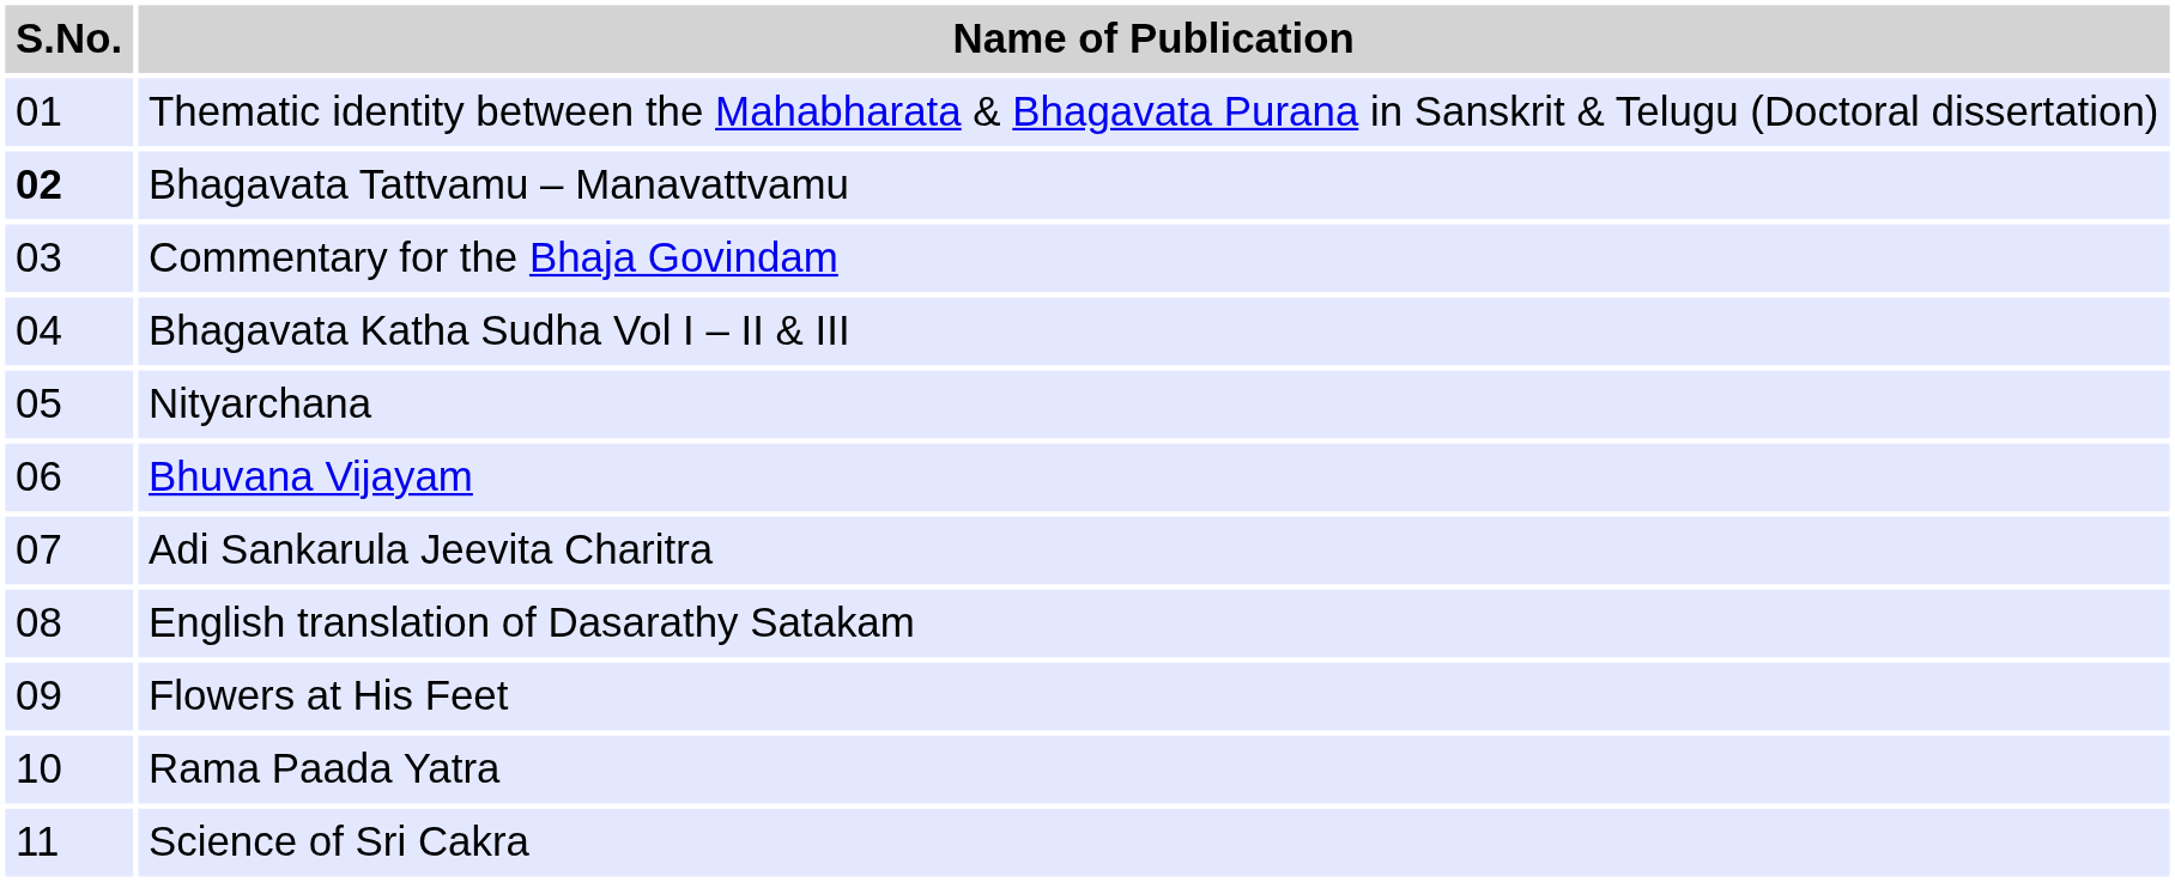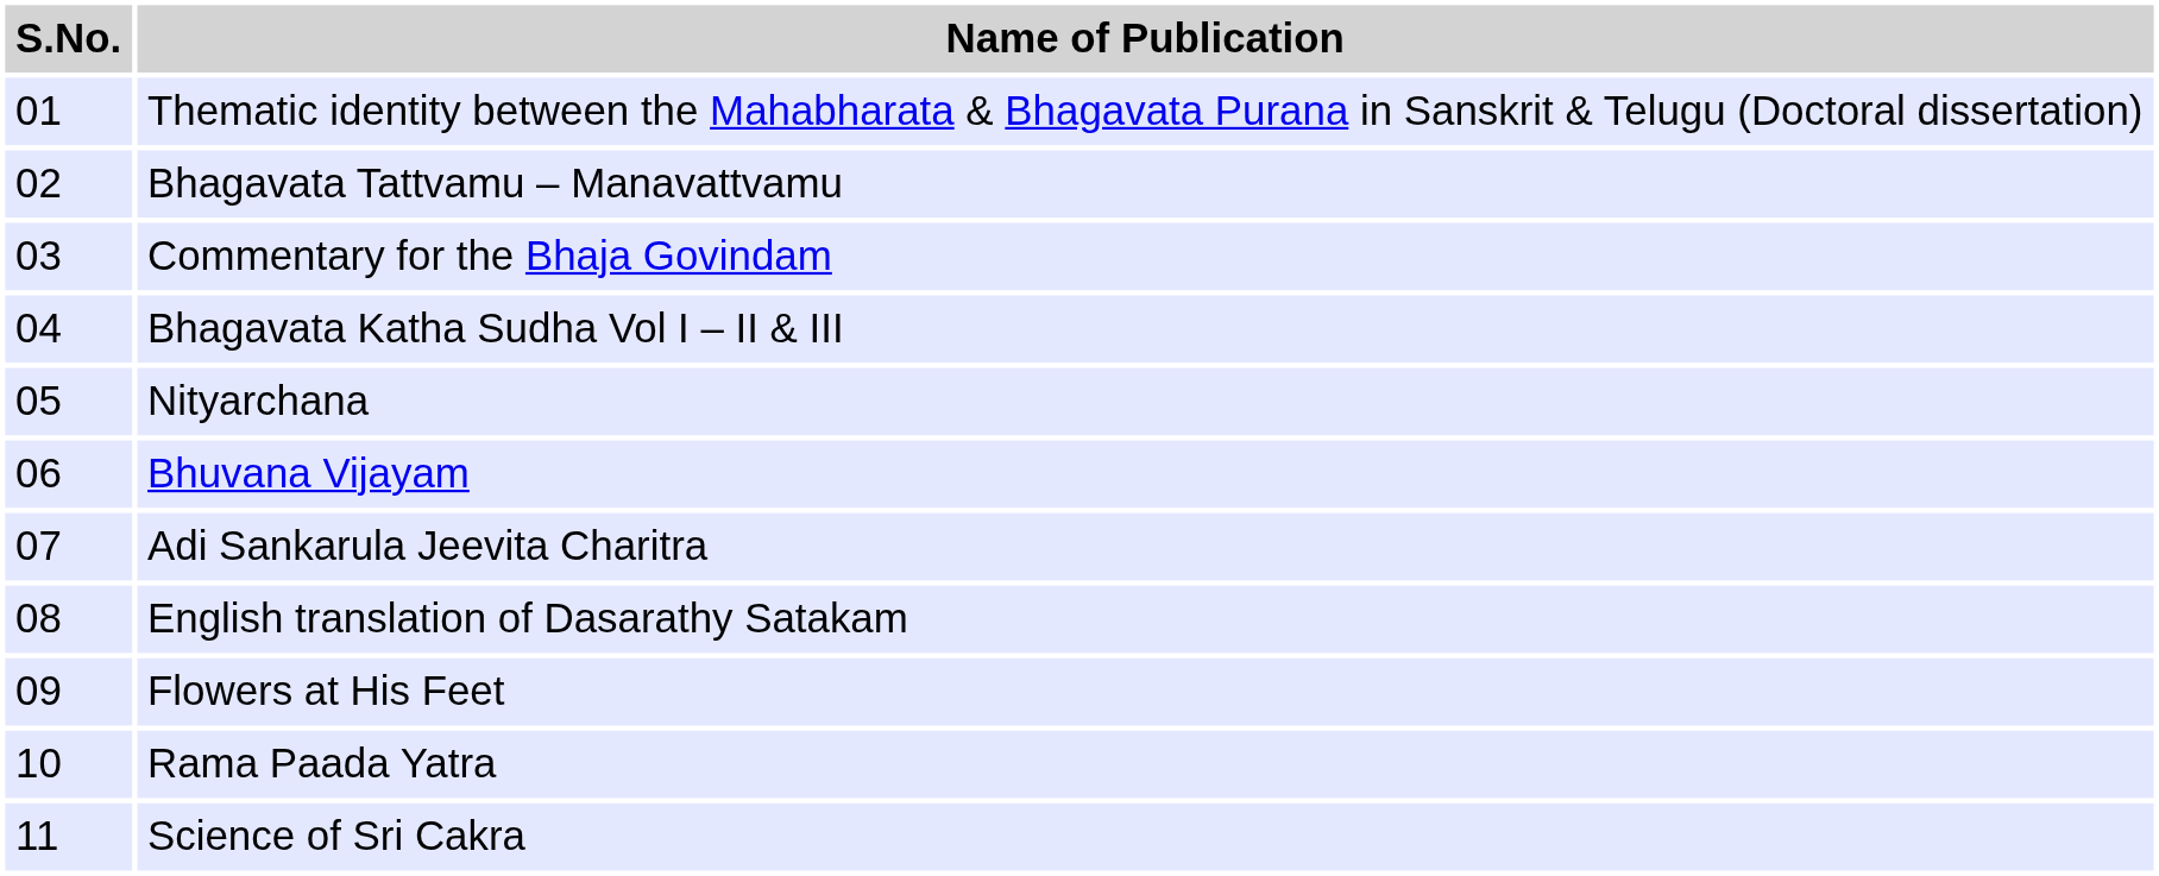 <table border="0" cellpadding="4" cellspacing="2">
 <tr bgcolor="#d3d3d3">
 <th>S.No.</th>
 <th>Name of Publication</th>
 </tr>
 <tr bgcolor="#e4e8ff">
 <td>01</td>
 <td>Thematic identity between the <a href='#'>Mahabharata</a> & <a href='#'>Bhagavata Purana</a> in Sanskrit & Telugu (Doctoral dissertation)</td>
 </tr>
 <tr bgcolor="#e4e8ff">
-<td><strong>02</strong></td>
+<td>02</td>
 <td>Bhagavata Tattvamu – Manavattvamu</td>
 </tr>
 <tr bgcolor="#e4e8ff">
 <td>03</td>
 <td>Commentary for the <a href='#'>Bhaja Govindam</a></td>
 </tr>
 <tr bgcolor="#e4e8ff">
 <td>04</td>
 <td>Bhagavata Katha Sudha Vol I – II & III</td>
 </tr>
 <tr bgcolor="#e4e8ff">
 <td>05</td>
 <td>Nityarchana</td>
 </tr>
 <tr bgcolor="#e4e8ff">
 <td>06</td>
 <td><a href='#'>Bhuvana Vijayam</a></td>
 </tr>
 <tr bgcolor="#e4e8ff">
 <td>07</td>
 <td>Adi Sankarula Jeevita Charitra</td>
 </tr>
 <tr bgcolor="#e4e8ff">
 <td>08</td>
 <td>English translation of Dasarathy Satakam</td>
 </tr>
 <tr bgcolor="#e4e8ff">
 <td>09</td>
 <td>Flowers at His Feet</td>
 </tr>
 <tr bgcolor="#e4e8ff">
 <td>10</td>
 <td>Rama Paada Yatra</td>
 </tr>
 <tr bgcolor="#e4e8ff">
 <td>11</td>
 <td>Science of Sri Cakra</td>
 </tr>
 </table>
